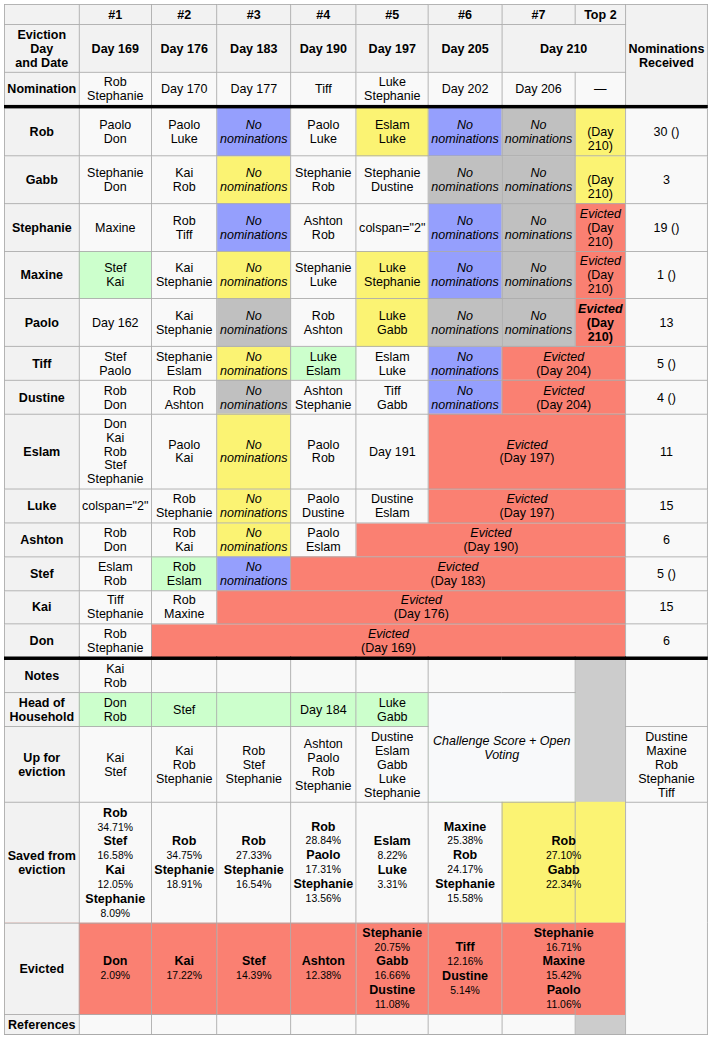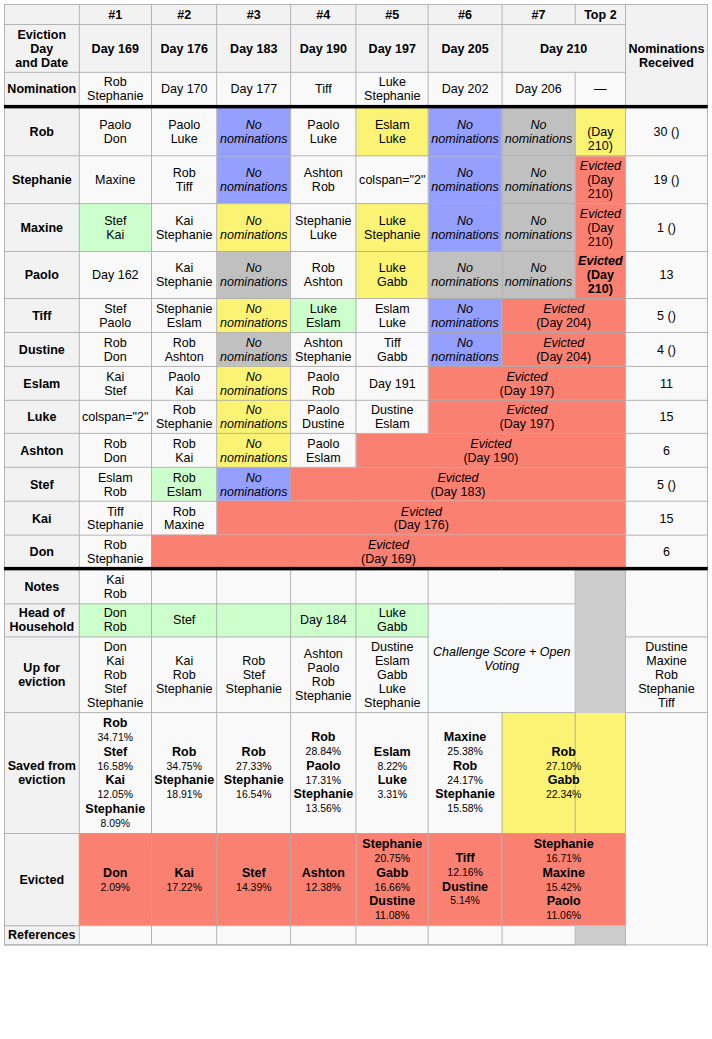 <table class="wikitable" style="width:100%; text-align:center; font-size:90%; line-height:16px;">
 <tr>
 <th width="5%"></th>
 <th width="9%">#1</th>
 <th width="9%">#2</th>
 <th width="9%">#3</th>
 <th width="9%">#4</th>
 <th width="9%">#5</th>
 <th width="9%">#6</th>
 <th width="9%">#7</th>
 <th width="9%">Top 2</th>
 <th width="5%" rowspan="3">Nominations<br>Received</th>
 </tr>
 <tr>
 <th>Eviction Day<br>and Date</th>
 <th>Day 169<br><small></small></th>
 <th>Day 176<br><small></small></th>
 <th>Day 183<br><small></small></th>
 <th>Day 190<br><small></small></th>
 <th>Day 197<br><small></small></th>
 <th>Day 205<br><small></small></th>
 <th colspan="2">Day 210<br><small></small></th>
 </tr>
 <tr>
 <th>Nomination<br></th>
 <td>Rob<br>Stephanie</td>
 <td>Day 170<br><small></small></td>
 <td>Day 177<br><small></small></td>
 <td>Tiff</td>
 <td>Luke<br>Stephanie</td>
 <td>Day 202<br><small></small></td>
 <td>Day 206<br><small></small></td>
 <td>—</td>
 </tr>
 <tr style="border-top: 4px solid;">
 <th>Rob</th>
 <td>Paolo<br>Don</td>
 <td>Paolo<br>Luke</td>
 <td style="background:#959FFD;"><em>No<br>nominations</em></td>
 <td>Paolo<br>Luke</td>
 <td style="background:#FBF373">Eslam<br>Luke</td>
 <td style="background:#959FFD;"><em>No<br>nominations</em></td>
 <td style="background:#C0C0C0;"><em>No<br>nominations</em></td>
 <td style="background:#FBF373"><strong></strong><br>(Day 210)</td>
 <td>30 ()</td>
-</tr>
-<tr>
-<th>Gabb</th>
-<td>Stephanie<br>Don</td>
-<td>Kai<br>Rob</td>
-<td style="background:#FBF373"><em>No<br>nominations</em></td>
-<td>Stephanie<br>Rob</td>
-<td>Stephanie<br>Dustine</td>
-<td style="background:#C0C0C0;"><em>No<br>nominations</em></td>
-<td style="background:#C0C0C0;"><em>No<br>nominations</em></td>
-<td style="background:#FBF373"><strong></strong><br>(Day 210)</td>
-<td>3</td>
 </tr>
 <tr>
 <th>Stephanie</th>
 <td>Maxine</td>
 <td>Rob<br>Tiff</td>
 <td style="background:#959FFD;"><em>No<br>nominations</em></td>
 <td>Ashton<br>Rob</td>
 <td>colspan="2" </td>
 <td style="background:#959FFD;"><em>No<br>nominations</em></td>
 <td style="background:#C0C0C0;"><em>No<br>nominations</em></td>
 <td style="background:#FA8072"><em>Evicted</em><br>(Day 210)</td>
 <td>19 ()</td>
 </tr>
 <tr>
 <th>Maxine</th>
 <td style="background:#CCFFCC;">Stef<br>Kai</td>
 <td>Kai<br>Stephanie</td>
 <td style="background:#FBF373"><em>No<br>nominations</em></td>
 <td>Stephanie<br>Luke</td>
 <td style="background:#FBF373">Luke<br>Stephanie</td>
 <td style="background:#959FFD;"><em>No<br>nominations</em></td>
 <td style="background:#C0C0C0;"><em>No<br>nominations</em></td>
 <td style="background:#FA8072"><em>Evicted</em><br>(Day 210)</td>
 <td>1 ()</td>
 </tr>
 <tr>
 <th>Paolo</th>
 <td>Day 162<br><small></small></td>
 <td>Kai<br>Stephanie</td>
 <td style="background:#C0C0C0;"><em>No<br>nominations</em></td>
 <td>Rob<br>Ashton</td>
 <td style="background:#FBF373">Luke<br>Gabb</td>
 <td style="background:#C0C0C0;"><em>No<br>nominations</em></td>
 <td style="background:#C0C0C0;"><em>No<br>nominations</em></td>
 <td style="background:#FA8072"><strong><em>Evicted</em><br>(Day 210)</strong></td>
 <td>13</td>
 </tr>
 <tr>
 <th>Tiff</th>
 <td>Stef<br>Paolo</td>
 <td>Stephanie<br>Eslam</td>
 <td style="background:#FBF373"><em>No<br>nominations</em></td>
 <td style="background:#CCFFCC;">Luke<br>Eslam</td>
 <td>Eslam<br>Luke</td>
 <td style="background:#959FFD;"><em>No<br>nominations</em></td>
 <td colspan="2" style="background:#FA8072"><em>Evicted</em><br>(Day 204)</td>
 <td>5 ()</td>
 </tr>
 <tr>
 <th>Dustine</th>
 <td>Rob<br>Don</td>
 <td>Rob<br>Ashton</td>
 <td style="background:#C0C0C0;"><em>No<br>nominations</em></td>
 <td>Ashton<br>Stephanie</td>
 <td>Tiff<br>Gabb</td>
 <td style="background:#959FFD;"><em>No<br>nominations</em></td>
 <td colspan="2" style="background:#FA8072"><em>Evicted</em><br>(Day 204)</td>
 <td>4 ()</td>
 </tr>
 <tr>
 <th>Eslam</th>
-<td>Don<br>Kai<br>Rob<br>Stef<br>Stephanie</td>
+<td>Kai<br>Stef</td>
 <td>Paolo<br>Kai</td>
 <td style="background:#FBF373"><em>No<br>nominations</em></td>
 <td>Paolo<br>Rob</td>
 <td>Day 191<br><small></small></td>
 <td colspan="3" style="background:#FA8072"><em>Evicted</em><br>(Day 197)</td>
 <td>11</td>
 </tr>
 <tr>
 <th>Luke</th>
 <td>colspan="2" </td>
 <td>Rob<br>Stephanie</td>
 <td style="background:#FBF373"><em>No<br>nominations</em></td>
 <td>Paolo<br>Dustine</td>
 <td>Dustine<br>Eslam</td>
 <td colspan="3" style="background:#FA8072"><em>Evicted</em><br>(Day 197)</td>
 <td>15</td>
 </tr>
 <tr>
 <th>Ashton</th>
 <td>Rob<br>Don</td>
 <td>Rob<br>Kai</td>
 <td style="background:#FBF373"><em>No<br>nominations</em></td>
 <td>Paolo<br>Eslam</td>
 <td colspan="4" style="background:#FA8072"><em>Evicted</em><br>(Day 190)</td>
 <td>6</td>
 </tr>
 <tr>
 <th>Stef</th>
 <td>Eslam<br>Rob</td>
 <td style="background:#CCFFCC;">Rob<br>Eslam</td>
 <td style="background:#959FFD;"><em>No<br>nominations</em></td>
 <td colspan="5" style="background:#FA8072"><em>Evicted</em><br>(Day 183)</td>
 <td>5 ()</td>
 </tr>
 <tr>
 <th>Kai</th>
 <td>Tiff<br>Stephanie</td>
 <td>Rob<br>Maxine</td>
 <td colspan="6" style="background:#FA8072"><em>Evicted</em><br>(Day 176)</td>
 <td>15</td>
 </tr>
 <tr>
 <th>Don</th>
 <td>Rob<br>Stephanie</td>
 <td colspan="7" style="background:#FA8072"><em>Evicted</em><br>(Day 169)</td>
 <td>6</td>
 </tr>
 <tr>
 </tr>
 <tr style="border-top: 4px solid;">
 <th>Notes</th>
 <td>Kai<br>Rob</td>
 <td></td>
 <td></td>
 <td>   </td>
 <td> </td>
 <td colspan="2"> </td>
 <td rowspan="8" style="background:#CCCCCC"></td>
 </tr>
 <tr style="background:#CCFFCC;">
 <th>Head of<br>Household</th>
 <td>Don<br>Rob</td>
 <td>Stef</td>
 <td></td>
 <td>Day 184<br><small></small></td>
 <td>Luke<br>Gabb</td>
 <td colspan="2" rowspan="2" style="background:#F8F9FA"><em>Challenge Score + Open Voting</em></td>
 </tr>
 <tr>
 <th>Up for eviction</th>
-<td>Kai<br>Stef</td>
+<td>Don<br>Kai<br>Rob<br>Stef<br>Stephanie</td>
 <td>Kai<br>Rob<br>Stephanie</td>
 <td>Rob<br>Stef<br>Stephanie</td>
 <td>Ashton<br>Paolo<br>Rob<br>Stephanie</td>
 <td>Dustine<br>Eslam<br>Gabb<br>Luke<br>Stephanie</td>
 <td>Dustine<br>Maxine<br>Rob<br>Stephanie<br>Tiff</td>
 </tr>
 <tr>
 <th>Saved from eviction</th>
 <td><strong>Rob</strong><br><small>34.71%</small><br><strong>Stef</strong><br><small>16.58%</small><br><strong>Kai</strong><br><small>12.05%</small><br><strong>Stephanie</strong><br><small>8.09%</small></td>
 <td><strong>Rob</strong><br><small>34.75%</small><br><strong>Stephanie</strong><br><small>18.91%</small></td>
 <td><strong>Rob</strong><br><small>27.33%</small><br><strong>Stephanie</strong><br><small>16.54%</small></td>
 <td><strong>Rob</strong><br><small>28.84%</small><br><strong>Paolo</strong><br><small>17.31%</small><br><strong>Stephanie</strong><br><small>13.56%</small></td>
 <td><strong>Eslam</strong><br><small>8.22%</small><br><strong>Luke</strong><br><small>3.31%</small></td>
 <td><strong>Maxine</strong><br><small>25.38%</small><br><strong>Rob</strong><br><small>24.17%</small><br><strong>Stephanie</strong><br><small>15.58%</small></td>
 <td colspan="2" style="background:#FBF373;"><strong>Rob</strong><br><small>27.10%</small><br><strong>Gabb</strong><br><small>22.34%</small></td>
 </tr>
 <tr style="background:#FA8072">
 <th>Evicted</th>
 <td><strong>Don</strong><br><small>2.09%</small></td>
 <td><strong>Kai</strong><br><small>17.22%</small></td>
 <td><strong>Stef</strong><br><small>14.39%</small></td>
 <td><strong>Ashton</strong><br><small>12.38%</small></td>
 <td><strong>Stephanie</strong><br><small>20.75%</small><br><strong>Gabb</strong><br><small>16.66%</small><br><strong>Dustine</strong><br><small>11.08%</small></td>
 <td><strong>Tiff</strong><br><small>12.16%</small><br><strong>Dustine</strong><br><small>5.14%</small></td>
 <td colspan="2"><strong>Stephanie</strong><br><small>16.71%</small><br><strong>Maxine</strong><br><small>15.42%</small><br><strong>Paolo</strong><br><small>11.06%</small></td>
 </tr>
 <tr>
 <th>References</th>
 <td></td>
 <td></td>
 <td></td>
 <td></td>
 <td></td>
 <td></td>
 <td colspan="2"></td>
 </tr>
 <tr>
 </tr>
 </table>
